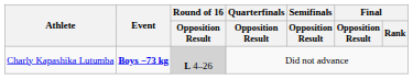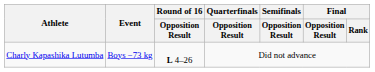 <table class="wikitable" style="font-size:90%;">
 <tr>
 <th rowspan=2>Athlete</th>
 <th rowspan=2>Event</th>
 <th>Round of 16</th>
 <th>Quarterfinals</th>
 <th>Semifinals</th>
 <th colspan=2>Final</th>
 </tr>
 <tr style="font-size:95%">
 <th>Opposition<br>Result</th>
 <th>Opposition<br>Result</th>
 <th>Opposition<br>Result</th>
 <th>Opposition<br>Result</th>
 <th>Rank</th>
 </tr>
 <tr align=center>
 <td align=left><a href='#'>Charly Kapashika Lutumba</a></td>
-<td align=left><strong><a href='#'>Boys −73 kg</a></strong></td>
-<td style="background: lightgrey;"><br><strong>L</strong> 4–26</td>
+<td align=left><a href='#'>Boys −73 kg</a></td>
+<td><br><strong>L</strong> 4–26</td>
 <td colspan=4>Did not advance</td>
 </tr>
 </table>
